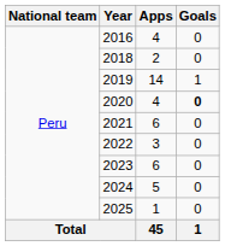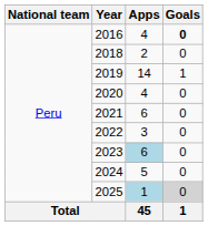 <table class="wikitable" style="text-align:center">
 <tr>
 <th>National team</th>
 <th>Year</th>
 <th>Apps</th>
 <th>Goals</th>
 </tr>
 <tr>
 <td rowspan="9"><a href='#'>Peru</a></td>
 <td>2016</td>
 <td>4</td>
-<td>0</td>
+<td><strong>0</strong></td>
 </tr>
 <tr>
 <td>2018</td>
 <td>2</td>
 <td>0</td>
 </tr>
 <tr>
 <td>2019</td>
 <td>14</td>
 <td>1</td>
 </tr>
 <tr>
 <td>2020</td>
 <td>4</td>
-<td><strong>0</strong></td>
+<td>0</td>
 </tr>
 <tr>
 <td>2021</td>
 <td>6</td>
 <td>0</td>
 </tr>
 <tr>
 <td>2022</td>
 <td>3</td>
 <td>0</td>
 </tr>
 <tr>
 <td>2023</td>
-<td>6</td>
+<td style="background: lightblue;">6</td>
 <td>0</td>
 </tr>
 <tr>
 <td>2024</td>
 <td>5</td>
 <td>0</td>
 </tr>
 <tr>
 <td>2025</td>
-<td>1</td>
-<td>0</td>
+<td style="background: lightblue;">1</td>
+<td style="background: lightgrey;">0</td>
 </tr>
 <tr>
 <th colspan="2">Total</th>
 <th>45</th>
 <th>1</th>
 </tr>
 </table>
